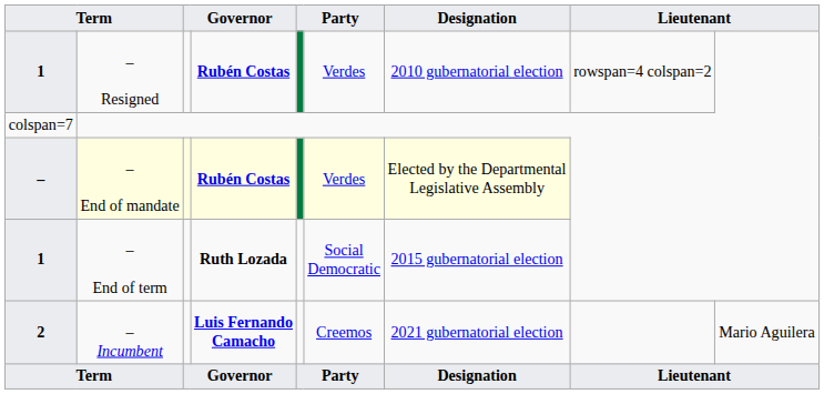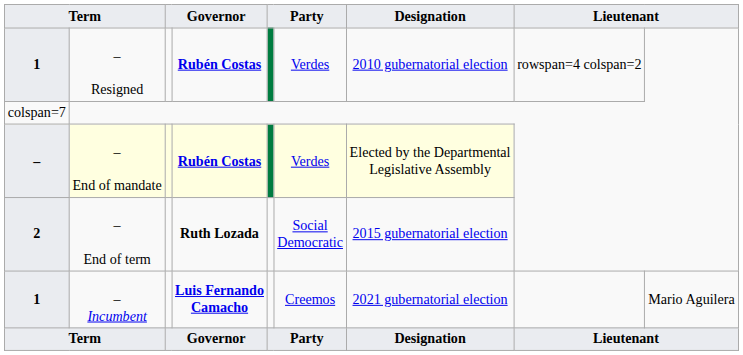 <table class="wikitable" style="font-size:90%; text-align:center;">
 <tr>
 <th style="background-color:#EAECF0;" colspan=2>Term</th>
 <th style="background-color:#EAECF0;" colspan=2>Governor</th>
 <th style="background-color:#EAECF0;" colspan=2>Party</th>
 <th style="background-color:#EAECF0;">Designation</th>
 <th style="background-color:#EAECF0;" colspan=2>Lieutenant</th>
 </tr>
 <tr>
 <th style="background-color:#EAECF0;">1</th>
 <td><br>–<br><br>Resigned<br></td>
 <td data-sort-value="Costas, Rubén"></td>
 <td><strong><a href='#'>Rubén Costas</a></strong><br></td>
 <td style="background-color:#007C40;"></td>
 <td><a href='#'>Verdes</a></td>
 <td><a href='#'>2010 gubernatorial election</a></td>
 <td>rowspan=4 colspan=2 <br></td>
 </tr>
 <tr>
 <td>colspan=7 </td>
 </tr>
 <tr style="background-color:#FFFFE0;">
 <th style="background-color:#EAECF0;">–</th>
 <td><br>–<br><br>End of mandate<br></td>
 <td></td>
 <td><strong><a href='#'>Rubén Costas</a></strong><br></td>
 <td style="background-color:#007C40;"></td>
 <td><a href='#'>Verdes</a></td>
 <td>Elected by the Departmental<br>Legislative Assembly<br></td>
 </tr>
 <tr>
-<th style="background-color:#EAECF0;">1</th>
+<th style="background-color:#EAECF0;">2</th>
 <td><br>–<br><br>End of term<br></td>
 <td data-sort-value="Costas, Rubén"></td>
 <td><strong>Ruth Lozada</strong><br></td>
 <td style="background-color:"></td>
 <td><a href='#'>Social<br>Democratic</a></td>
 <td><a href='#'>2015 gubernatorial election</a></td>
 </tr>
 <tr>
-<th style="background-color:#EAECF0;">2</th>
+<th style="background-color:#EAECF0;">1</th>
 <td><br>–<br><em><a href='#'>Incumbent</a></em><br></td>
 <td data-sort-value="Camacho, Luis Fernando"></td>
 <td><strong><a href='#'>Luis Fernando<br>Camacho</a></strong><br></td>
 <td style="background-color:"></td>
 <td><a href='#'>Creemos</a></td>
 <td><a href='#'>2021 gubernatorial election</a></td>
 <td style="background-color:"></td>
 <td>Mario Aguilera</td>
 </tr>
 <tr>
 <th style="background-color:#EAECF0;" colspan=2>Term</th>
 <th style="background-color:#EAECF0;" colspan=2>Governor</th>
 <th style="background-color:#EAECF0;" colspan=2>Party</th>
 <th style="background-color:#EAECF0;">Designation</th>
 <th style="background-color:#EAECF0;" colspan=2>Lieutenant</th>
 </tr>
 </table>
